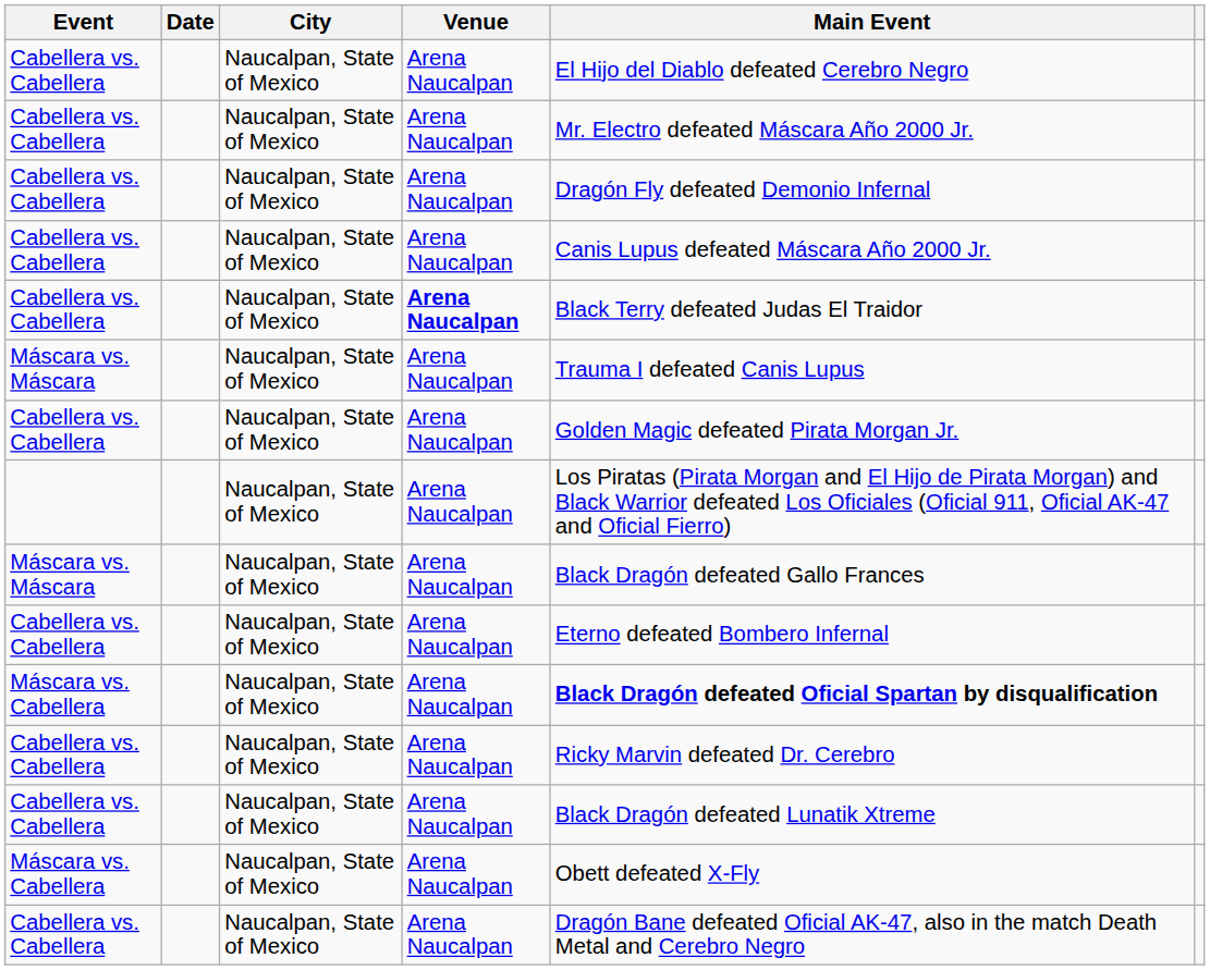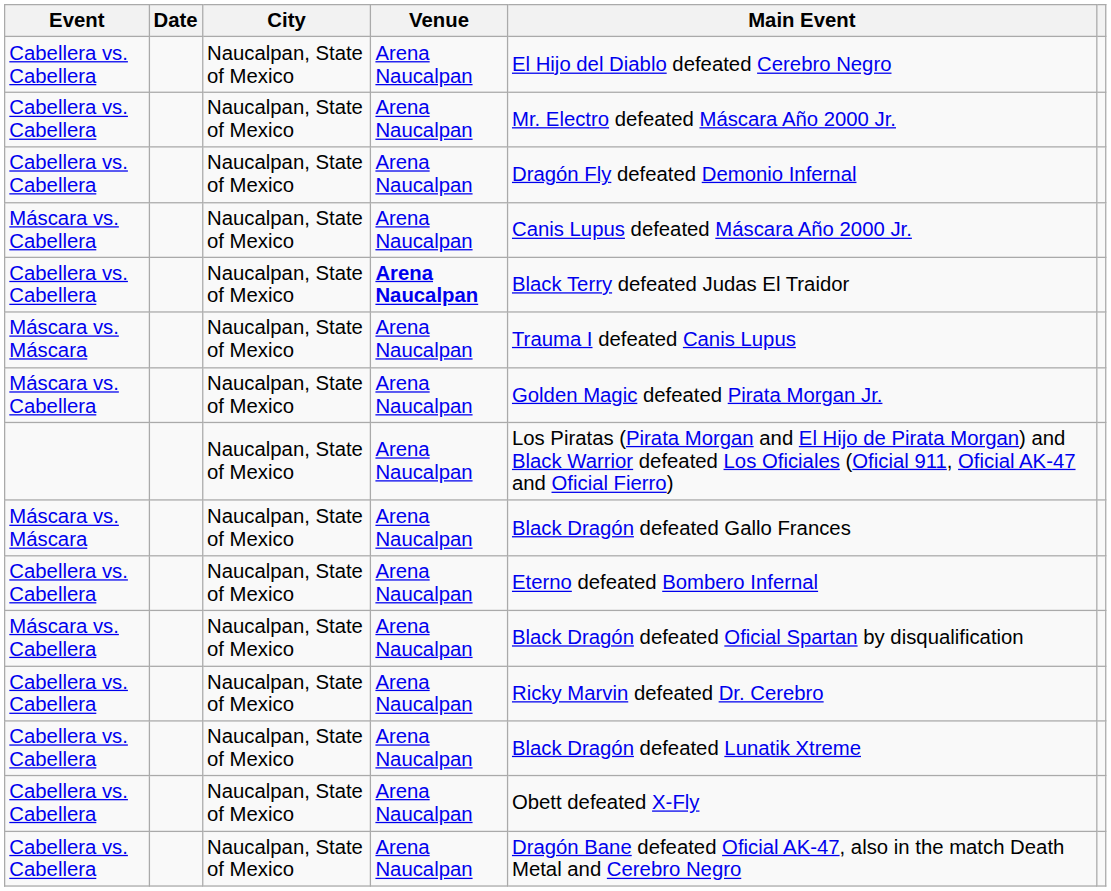 <table class="wikitable plainrowheaders sortable">
 <tr>
 <th>Event</th>
 <th>Date</th>
 <th>City</th>
 <th>Venue</th>
 <th>Main Event</th>
 <th class="unsortable"></th>
 </tr>
 <tr>
 <td scope=row><a href='#'>Cabellera vs. Cabellera</a></td>
 <td></td>
 <td>Naucalpan, State of Mexico</td>
 <td><a href='#'>Arena Naucalpan</a></td>
 <td><a href='#'>El Hijo del Diablo</a> defeated  <a href='#'>Cerebro Negro</a></td>
 <td></td>
 </tr>
 <tr>
 <td scope=row><a href='#'>Cabellera vs. Cabellera</a></td>
 <td></td>
 <td>Naucalpan, State of Mexico</td>
 <td><a href='#'>Arena Naucalpan</a></td>
 <td><a href='#'>Mr. Electro</a> defeated <a href='#'>Máscara Año 2000 Jr.</a></td>
 <td></td>
 </tr>
 <tr>
 <td scope=row><a href='#'>Cabellera vs. Cabellera</a></td>
 <td></td>
 <td>Naucalpan, State of Mexico</td>
 <td><a href='#'>Arena Naucalpan</a></td>
 <td><a href='#'>Dragón Fly</a> defeated <a href='#'>Demonio Infernal</a></td>
 <td></td>
 </tr>
 <tr>
-<td scope=row><a href='#'>Cabellera vs. Cabellera</a></td>
+<td scope=row><a href='#'>Máscara vs. Cabellera</a></td>
 <td></td>
 <td>Naucalpan, State of Mexico</td>
 <td><a href='#'>Arena Naucalpan</a></td>
 <td><a href='#'>Canis Lupus</a> defeated <a href='#'>Máscara Año 2000 Jr.</a></td>
 <td></td>
 </tr>
 <tr>
 <td scope=row><a href='#'>Cabellera vs. Cabellera</a></td>
 <td></td>
 <td>Naucalpan, State of Mexico</td>
 <td><strong><a href='#'>Arena Naucalpan</a></strong></td>
 <td><a href='#'>Black Terry</a> defeated Judas El Traidor</td>
 <td></td>
 </tr>
 <tr>
 <td scope=row><a href='#'>Máscara vs. Máscara</a></td>
 <td></td>
 <td>Naucalpan, State of Mexico</td>
 <td><a href='#'>Arena Naucalpan</a></td>
 <td><a href='#'>Trauma I</a> defeated <a href='#'>Canis Lupus</a></td>
 <td></td>
 </tr>
 <tr>
-<td><a href='#'>Cabellera vs. Cabellera</a></td>
+<td scope=row><a href='#'>Máscara vs. Cabellera</a></td>
 <td></td>
 <td>Naucalpan, State of Mexico</td>
 <td><a href='#'>Arena Naucalpan</a></td>
 <td><a href='#'>Golden Magic</a> defeated <a href='#'>Pirata Morgan Jr.</a></td>
 <td></td>
 </tr>
 <tr>
 <td scope=row></td>
 <td></td>
 <td>Naucalpan, State of Mexico</td>
 <td><a href='#'>Arena Naucalpan</a></td>
 <td>Los Piratas (<a href='#'>Pirata Morgan</a> and <a href='#'>El Hijo de Pirata Morgan</a>) and <a href='#'>Black Warrior</a> defeated <a href='#'>Los Oficiales</a> (<a href='#'>Oficial 911</a>, <a href='#'>Oficial AK-47</a> and <a href='#'>Oficial Fierro</a>)</td>
 <td></td>
 </tr>
 <tr>
 <td><a href='#'>Máscara vs. Máscara</a></td>
 <td></td>
 <td>Naucalpan, State of Mexico</td>
 <td><a href='#'>Arena Naucalpan</a></td>
 <td><a href='#'>Black Dragón</a> defeated Gallo Frances</td>
 <td></td>
 </tr>
 <tr>
 <td scope=row><a href='#'>Cabellera vs. Cabellera</a></td>
 <td></td>
 <td>Naucalpan, State of Mexico</td>
 <td><a href='#'>Arena Naucalpan</a></td>
 <td><a href='#'>Eterno</a> defeated <a href='#'>Bombero Infernal</a></td>
 <td></td>
 </tr>
 <tr>
 <td scope=row><a href='#'>Máscara vs. Cabellera</a></td>
 <td></td>
 <td>Naucalpan, State of Mexico</td>
 <td><a href='#'>Arena Naucalpan</a></td>
-<td><strong><a href='#'>Black Dragón</a> defeated <a href='#'>Oficial Spartan</a> by disqualification</strong></td>
+<td><a href='#'>Black Dragón</a> defeated <a href='#'>Oficial Spartan</a> by disqualification</td>
 <td></td>
 </tr>
 <tr>
 <td><a href='#'>Cabellera vs. Cabellera</a></td>
 <td></td>
 <td>Naucalpan, State of Mexico</td>
 <td><a href='#'>Arena Naucalpan</a></td>
 <td><a href='#'>Ricky Marvin</a> defeated <a href='#'>Dr. Cerebro</a></td>
 <td></td>
 </tr>
 <tr>
 <td><a href='#'>Cabellera vs. Cabellera</a></td>
 <td></td>
 <td>Naucalpan, State of Mexico</td>
 <td><a href='#'>Arena Naucalpan</a></td>
 <td><a href='#'>Black Dragón</a> defeated <a href='#'>Lunatik Xtreme</a></td>
 <td></td>
 </tr>
 <tr>
-<td scope=row><a href='#'>Máscara vs. Cabellera</a></td>
+<td><a href='#'>Cabellera vs. Cabellera</a></td>
 <td></td>
 <td>Naucalpan, State of Mexico</td>
 <td><a href='#'>Arena Naucalpan</a></td>
 <td>Obett defeated <a href='#'>X-Fly</a></td>
 <td></td>
 </tr>
 <tr>
 <td><a href='#'>Cabellera vs. Cabellera</a></td>
 <td></td>
 <td>Naucalpan, State of Mexico</td>
 <td><a href='#'>Arena Naucalpan</a></td>
 <td><a href='#'>Dragón Bane</a> defeated <a href='#'>Oficial AK-47</a>, also in the match Death Metal and <a href='#'>Cerebro Negro</a></td>
 <td></td>
 </tr>
 </table>
